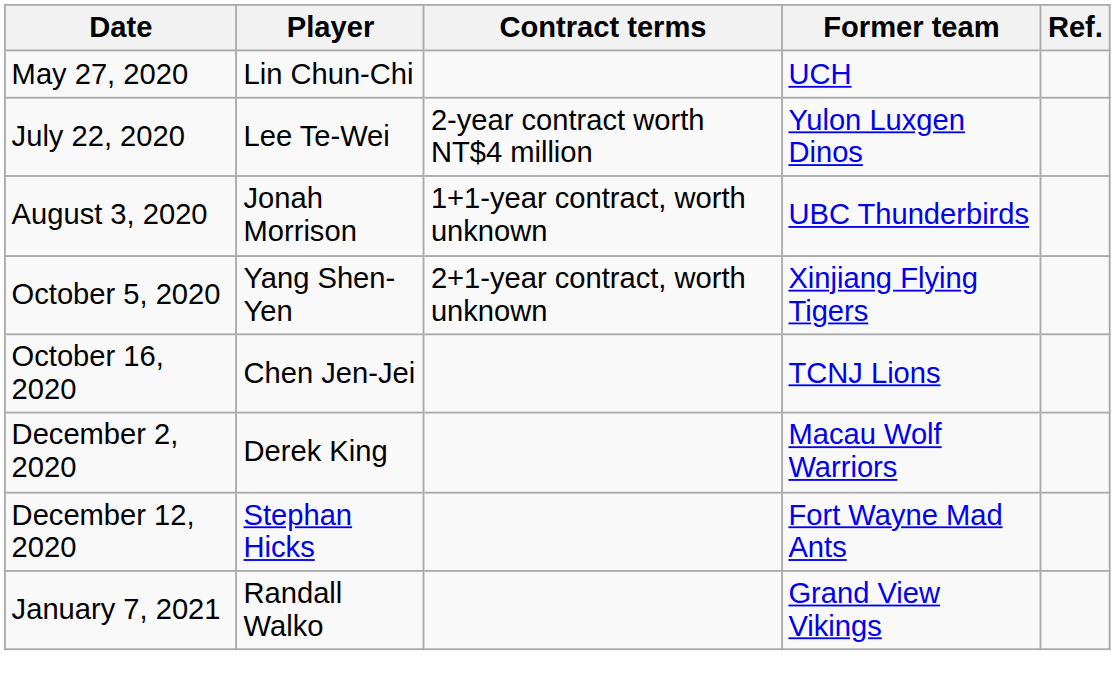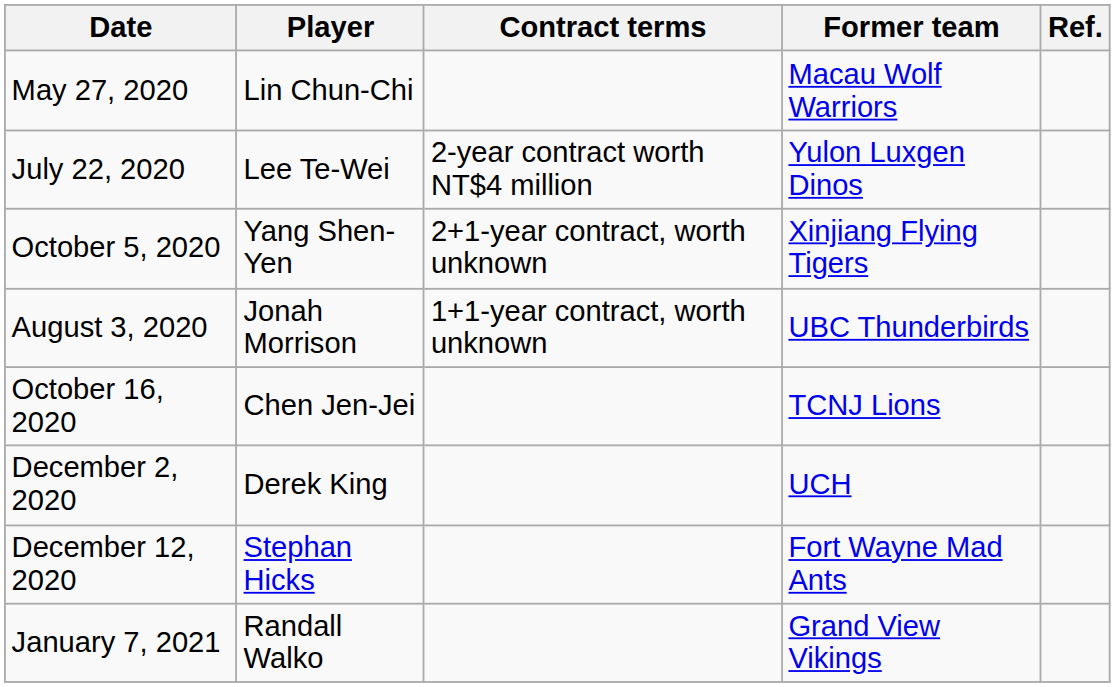 <table class="wikitable">
 <tr>
 <th>Date</th>
 <th>Player</th>
 <th>Contract terms</th>
 <th>Former team</th>
 <th>Ref.</th>
 </tr>
 <tr>
 <td>May 27, 2020</td>
 <td>Lin Chun-Chi</td>
 <td></td>
-<td><a href='#'>UCH</a></td>
+<td><a href='#'>Macau Wolf Warriors</a></td>
 <td></td>
 </tr>
 <tr>
 <td>July 22, 2020</td>
 <td>Lee Te-Wei</td>
 <td>2-year contract worth NT$4 million</td>
 <td><a href='#'>Yulon Luxgen Dinos</a></td>
 <td></td>
 </tr>
 <tr>
+<td>October 5, 2020</td>
+<td>Yang Shen-Yen</td>
+<td>2+1-year contract, worth unknown</td>
+<td><a href='#'>Xinjiang Flying Tigers</a></td>
+<td></td>
+</tr>
+<tr>
 <td>August 3, 2020</td>
 <td>Jonah Morrison</td>
 <td>1+1-year contract, worth unknown</td>
 <td><a href='#'>UBC Thunderbirds</a></td>
-<td></td>
-</tr>
-<tr>
-<td>October 5, 2020</td>
-<td>Yang Shen-Yen</td>
-<td>2+1-year contract, worth unknown</td>
-<td><a href='#'>Xinjiang Flying Tigers</a></td>
 <td></td>
 </tr>
 <tr>
 <td>October 16, 2020</td>
 <td>Chen Jen-Jei</td>
 <td></td>
 <td><a href='#'>TCNJ Lions</a></td>
 <td></td>
 </tr>
 <tr>
 <td>December 2, 2020</td>
 <td>Derek King</td>
 <td></td>
-<td><a href='#'>Macau Wolf Warriors</a></td>
+<td><a href='#'>UCH</a></td>
 <td></td>
 </tr>
 <tr>
 <td>December 12, 2020</td>
 <td><a href='#'>Stephan Hicks</a></td>
 <td></td>
 <td><a href='#'>Fort Wayne Mad Ants</a></td>
 <td></td>
 </tr>
 <tr>
 <td>January 7, 2021</td>
 <td>Randall Walko</td>
 <td></td>
 <td><a href='#'>Grand View Vikings</a></td>
 <td></td>
 </tr>
 </table>
